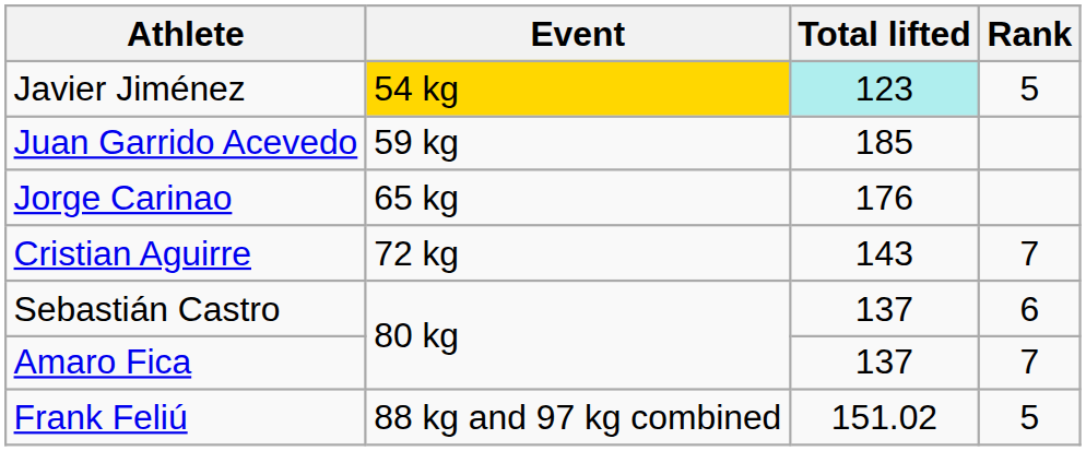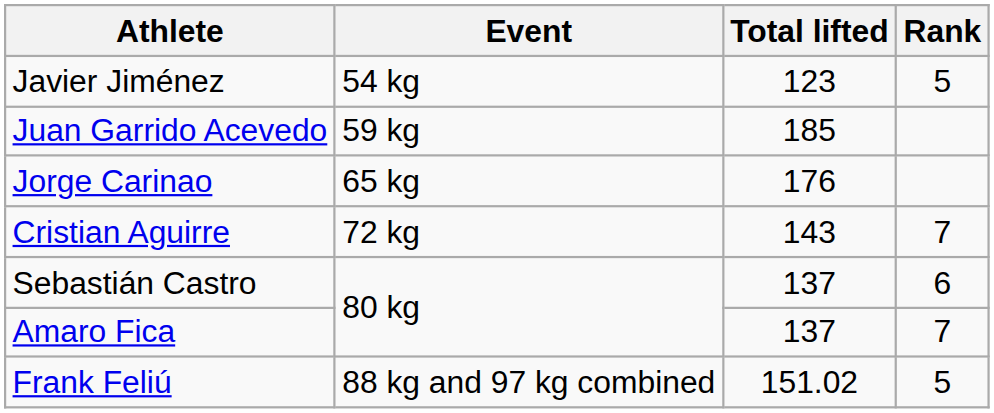 <table class="wikitable" style="font-size:90%">
 <tr>
 <th>Athlete</th>
 <th>Event</th>
 <th>Total lifted</th>
 <th>Rank</th>
 </tr>
 <tr align=center>
 <td align=left>Javier Jiménez</td>
-<td align=left style="background: gold;">54 kg</td>
-<td style="background: paleturquoise;">123</td>
+<td align=left>54 kg</td>
+<td>123</td>
 <td>5</td>
 </tr>
 <tr align=center>
 <td align=left><a href='#'>Juan Garrido Acevedo</a></td>
 <td align=left>59 kg</td>
 <td>185</td>
 <td></td>
 </tr>
 <tr align=center>
 <td align=left><a href='#'>Jorge Carinao</a></td>
 <td align=left>65 kg</td>
 <td>176</td>
 <td></td>
 </tr>
 <tr align=center>
 <td align=left><a href='#'>Cristian Aguirre</a></td>
 <td align=left>72 kg</td>
 <td>143</td>
 <td>7</td>
 </tr>
 <tr align=center>
 <td align=left>Sebastián Castro</td>
 <td rowspan="2" align=left>80 kg</td>
 <td>137</td>
 <td>6</td>
 </tr>
 <tr align=center>
 <td align=left><a href='#'>Amaro Fica</a></td>
 <td>137</td>
 <td>7</td>
 </tr>
 <tr align=center>
 <td align=left><a href='#'>Frank Feliú</a></td>
 <td align=left>88 kg and 97 kg combined</td>
 <td>151.02</td>
 <td>5</td>
 </tr>
 </table>
